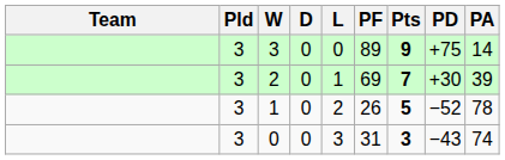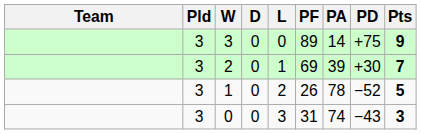 <table class="wikitable" style="text-align:center;">
 <tr>
 <th width=175>Team</th>
 <th style="width:20px;" abbr="Played">Pld</th>
 <th style="width:20px;" abbr="Won">W</th>
 <th style="width:20px;" abbr="Drawn">D</th>
 <th style="width:20px;" abbr="Lost">L</th>
 <th style="width:20px;" abbr="Points for">PF</th>
+<th style="width:20px;" abbr="Points against">PA</th>
+<th style="width:25px;" abbr="Points difference">PD</th>
 <th style="width:20px;" abbr="Points">Pts</th>
-<th style="width:25px;" abbr="Points difference">PD</th>
-<th style="width:20px;" abbr="Points against">PA</th>
 </tr>
 <tr style="background:#cfc;">
 <td align=left></td>
 <td>3</td>
 <td>3</td>
 <td>0</td>
 <td>0</td>
 <td>89</td>
+<td>14</td>
+<td>+75</td>
 <td><strong>9</strong></td>
-<td>+75</td>
-<td>14</td>
 </tr>
 <tr style="background:#cfc;">
 <td align=left></td>
 <td>3</td>
 <td>2</td>
 <td>0</td>
 <td>1</td>
 <td>69</td>
+<td>39</td>
+<td>+30</td>
 <td><strong>7</strong></td>
-<td>+30</td>
-<td>39</td>
 </tr>
 <tr>
 <td align=left></td>
 <td>3</td>
 <td>1</td>
 <td>0</td>
 <td>2</td>
 <td>26</td>
+<td>78</td>
+<td>−52</td>
 <td><strong>5</strong></td>
-<td>−52</td>
-<td>78</td>
 </tr>
 <tr>
 <td align=left></td>
 <td>3</td>
 <td>0</td>
 <td>0</td>
 <td>3</td>
 <td>31</td>
+<td>74</td>
+<td>−43</td>
 <td><strong>3</strong></td>
-<td>−43</td>
-<td>74</td>
 </tr>
 </table>
